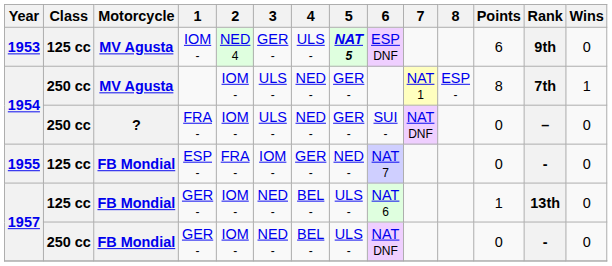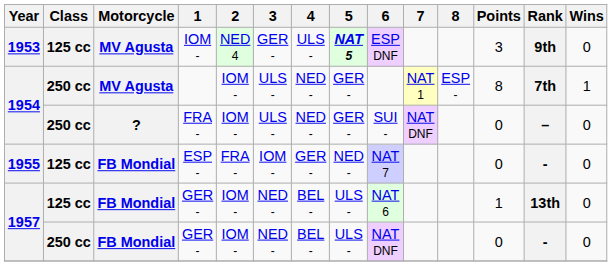 <table class="wikitable" style="text-align:center; font-size:95%">
 <tr>
 <th>Year</th>
 <th>Class</th>
 <th>Motorcycle</th>
 <th>1</th>
 <th>2</th>
 <th>3</th>
 <th>4</th>
 <th>5</th>
 <th>6</th>
 <th>7</th>
 <th>8</th>
 <th>Points</th>
 <th>Rank</th>
 <th>Wins</th>
 </tr>
 <tr>
 <th><a href='#'>1953</a></th>
 <th>125 cc</th>
 <th><a href='#'>MV Agusta</a></th>
 <td><a href='#'>IOM</a><br><small>-</small></td>
 <td bgcolor="#DFFFDF"><a href='#'>NED</a><br><small>4</small></td>
 <td><a href='#'>GER</a><br><small>-</small></td>
 <td><a href='#'>ULS</a><br><small>-</small></td>
 <td bgcolor="#DFFFDF"><strong><em><a href='#'>NAT</a></em><br><small><em>5</em></small></strong></td>
 <td bgcolor="#EFCFFF"><a href='#'>ESP</a><br><small>DNF</small></td>
 <td></td>
 <td></td>
-<td>6</td>
+<td>3</td>
 <th>9th</th>
 <td>0</td>
 </tr>
 <tr>
 <th rowspan="2"><a href='#'>1954</a></th>
 <th>250 cc</th>
 <th><a href='#'>MV Agusta</a></th>
 <td></td>
 <td><a href='#'>IOM</a><br><small>-</small></td>
 <td><a href='#'>ULS</a><br><small>-</small></td>
 <td><a href='#'>NED</a><br><small>-</small></td>
 <td><a href='#'>GER</a><br><small>-</small></td>
 <td></td>
 <td bgcolor="#FFFFBF"><a href='#'>NAT</a><br><small>1</small></td>
 <td><a href='#'>ESP</a><br><small>-</small></td>
 <td>8</td>
 <th>7th</th>
 <td>1</td>
 </tr>
 <tr>
 <th>250 cc</th>
 <th>?</th>
 <td><a href='#'>FRA</a><br><small>-</small></td>
 <td><a href='#'>IOM</a><br><small>-</small></td>
 <td><a href='#'>ULS</a><br><small>-</small></td>
 <td><a href='#'>NED</a><br><small>-</small></td>
 <td><a href='#'>GER</a><br><small>-</small></td>
 <td><a href='#'>SUI</a><br><small>-</small></td>
 <td bgcolor="#EFCFFF"><a href='#'>NAT</a><br><small>DNF</small></td>
 <td></td>
 <td>0</td>
 <th>–</th>
 <td>0</td>
 </tr>
 <tr>
 <th><a href='#'>1955</a></th>
 <th>125 cc</th>
 <th><a href='#'>FB Mondial</a></th>
 <td><a href='#'>ESP</a><br><small>-</small></td>
 <td><a href='#'>FRA</a><br><small>-</small></td>
 <td><a href='#'>IOM</a><br><small>-</small></td>
 <td><a href='#'>GER</a><br><small>-</small></td>
 <td><a href='#'>NED</a><br><small>-</small></td>
 <td style="background-color:#cfcfff"><a href='#'>NAT</a><br><small>7</small></td>
 <td></td>
 <td></td>
 <td>0</td>
 <th>-</th>
 <td>0</td>
 </tr>
 <tr>
 <th rowspan="2"><a href='#'>1957</a></th>
 <th>125 cc</th>
 <th><a href='#'>FB Mondial</a></th>
 <td><a href='#'>GER</a><br><small>-</small></td>
 <td><a href='#'>IOM</a><br><small>-</small></td>
 <td><a href='#'>NED</a><br><small>-</small></td>
 <td><a href='#'>BEL</a><br><small>-</small></td>
 <td><a href='#'>ULS</a><br><small>-</small></td>
 <td style="background:#DFFFDF;"><a href='#'>NAT</a><br><small>6</small></td>
 <td></td>
 <td></td>
 <td>1</td>
 <th>13th</th>
 <td>0</td>
 </tr>
 <tr>
 <th>250 cc</th>
 <th><a href='#'>FB Mondial</a></th>
 <td><a href='#'>GER</a><br><small>-</small></td>
 <td><a href='#'>IOM</a><br><small>-</small></td>
 <td><a href='#'>NED</a><br><small>-</small></td>
 <td><a href='#'>BEL</a><br><small>-</small></td>
 <td><a href='#'>ULS</a><br><small>-</small></td>
 <td bgcolor="#EFCFFF"><a href='#'>NAT</a><br><small>DNF</small></td>
 <td></td>
 <td></td>
 <td>0</td>
 <th>-</th>
 <td>0</td>
 </tr>
 <tr>
 </tr>
 </table>
